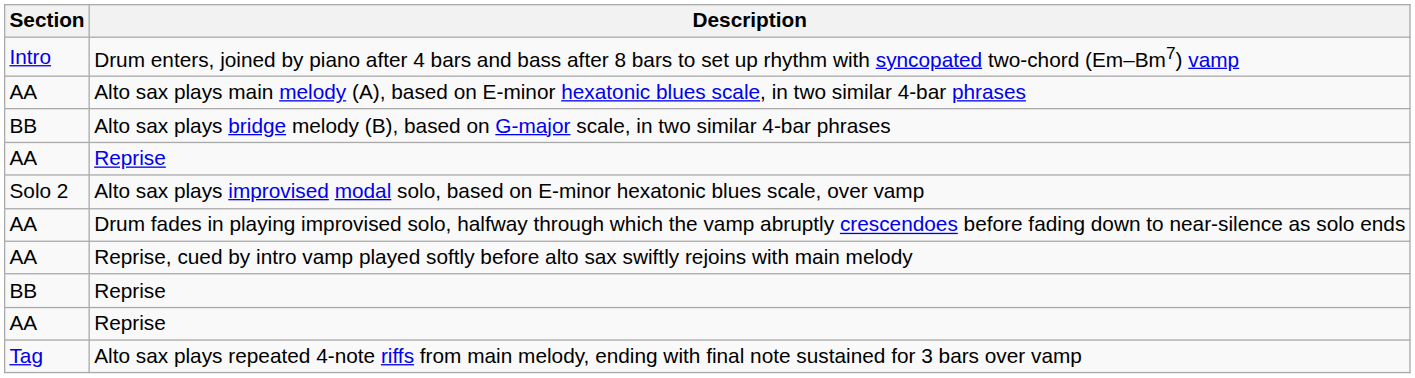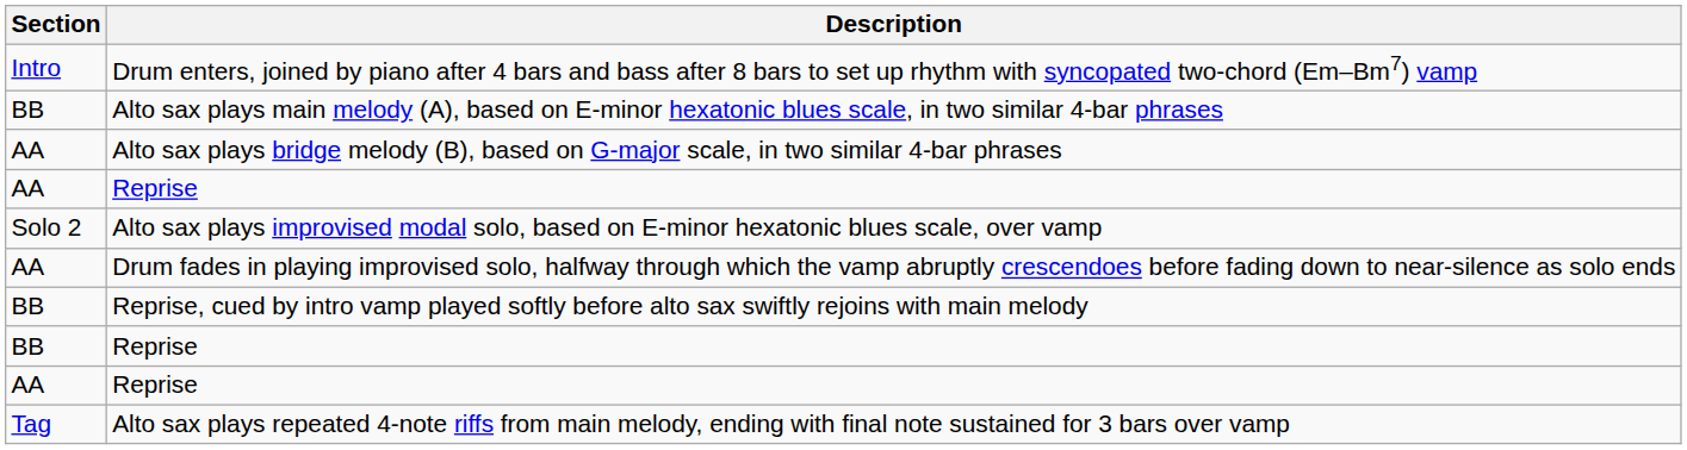 <table class="wikitable">
 <tr>
 <th>Section</th>
 <th>Description</th>
 </tr>
 <tr>
 <td><a href='#'>Intro</a></td>
 <td>Drum enters, joined by piano after 4 bars and bass after 8 bars to set up  rhythm with <a href='#'>syncopated</a> two-chord (Em–Bm<sup>7</sup>) <a href='#'>vamp</a></td>
 </tr>
 <tr>
-<td>AA</td>
+<td>BB</td>
 <td>Alto sax plays main <a href='#'>melody</a> (A), based on E-minor <a href='#'>hexatonic blues scale</a>, in two similar 4-bar <a href='#'>phrases</a></td>
 </tr>
 <tr>
-<td>BB</td>
+<td>AA</td>
 <td>Alto sax plays <a href='#'>bridge</a> melody (B), based on <a href='#'>G-major</a> scale, in two similar 4-bar phrases</td>
 </tr>
 <tr>
 <td>AA</td>
 <td><a href='#'>Reprise</a></td>
 </tr>
 <tr>
 <td>Solo 2</td>
 <td>Alto sax plays <a href='#'>improvised</a> <a href='#'>modal</a> solo, based on E-minor hexatonic blues scale, over vamp</td>
 </tr>
 <tr>
 <td>AA</td>
 <td>Drum fades in playing improvised solo, halfway through which the vamp abruptly <a href='#'>crescendoes</a> before fading down to near-silence as solo ends</td>
 </tr>
 <tr>
-<td>AA</td>
+<td>BB</td>
 <td>Reprise, cued by intro vamp played softly before alto sax swiftly rejoins with main melody</td>
 </tr>
 <tr>
 <td>BB</td>
 <td>Reprise</td>
 </tr>
 <tr>
 <td>AA</td>
 <td>Reprise</td>
 </tr>
 <tr>
 <td><a href='#'>Tag</a></td>
 <td>Alto sax plays repeated 4-note <a href='#'>riffs</a> from main melody, ending with final note sustained for 3 bars over vamp</td>
 </tr>
 </table>
